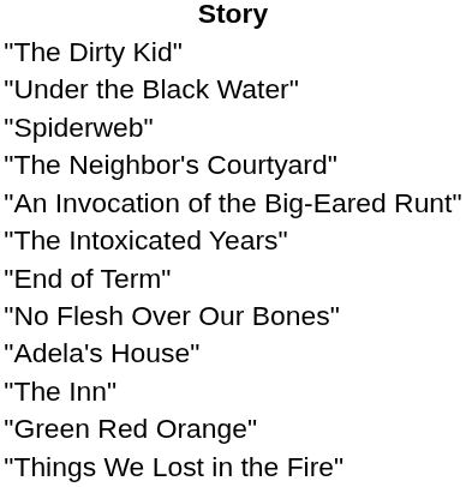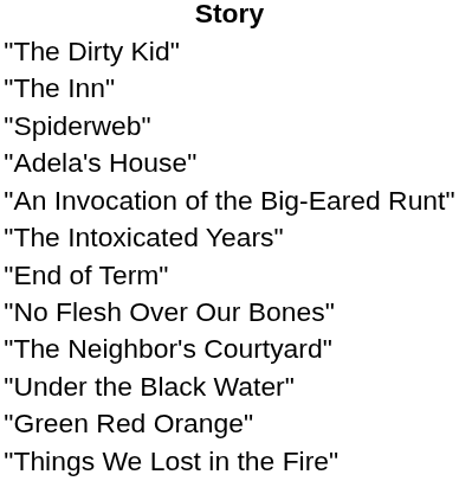 <table class=" wiki table mw-collapsible">
 <tr>
 <th><strong>Story</strong></th>
 </tr>
 <tr>
 <td>"The Dirty Kid"</td>
 </tr>
 <tr>
-<td>"Under the Black Water"</td>
+<td>"The Inn"</td>
 </tr>
 <tr>
 <td>"Spiderweb"</td>
 </tr>
 <tr>
-<td>"The Neighbor's Courtyard"</td>
+<td>"Adela's House"</td>
 </tr>
 <tr>
 <td>"An Invocation of the Big-Eared Runt"</td>
 </tr>
 <tr>
 <td>"The Intoxicated Years"</td>
 </tr>
 <tr>
 <td>"End of Term"</td>
 </tr>
 <tr>
 <td>"No Flesh Over Our Bones"</td>
 </tr>
 <tr>
-<td>"Adela's House"</td>
+<td>"The Neighbor's Courtyard"</td>
 </tr>
 <tr>
-<td>"The Inn"</td>
+<td>"Under the Black Water"</td>
 </tr>
 <tr>
 <td>"Green Red Orange"</td>
 </tr>
 <tr>
 <td>"Things We Lost in the Fire"</td>
 </tr>
 <tr>
 </tr>
 </table>
